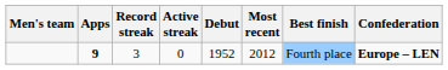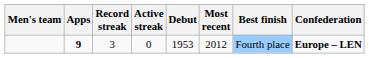 <table class="wikitable" style="text-align: center; font-size: 90%; margin-left: 1em;">
 <tr>
 <th>Men's team</th>
 <th>Apps</th>
 <th>Record<br>streak</th>
 <th>Active<br>streak</th>
 <th>Debut</th>
 <th>Most<br>recent</th>
 <th>Best finish</th>
 <th>Confederation</th>
 </tr>
 <tr>
 <td style="text-align: left;"></td>
 <td><strong>9</strong></td>
 <td>3</td>
 <td>0</td>
-<td>1952</td>
+<td>1953</td>
 <td>2012</td>
 <td style="background-color: #9acdff;">Fourth place</td>
 <td><strong>Europe – LEN</strong></td>
 </tr>
 </table>
